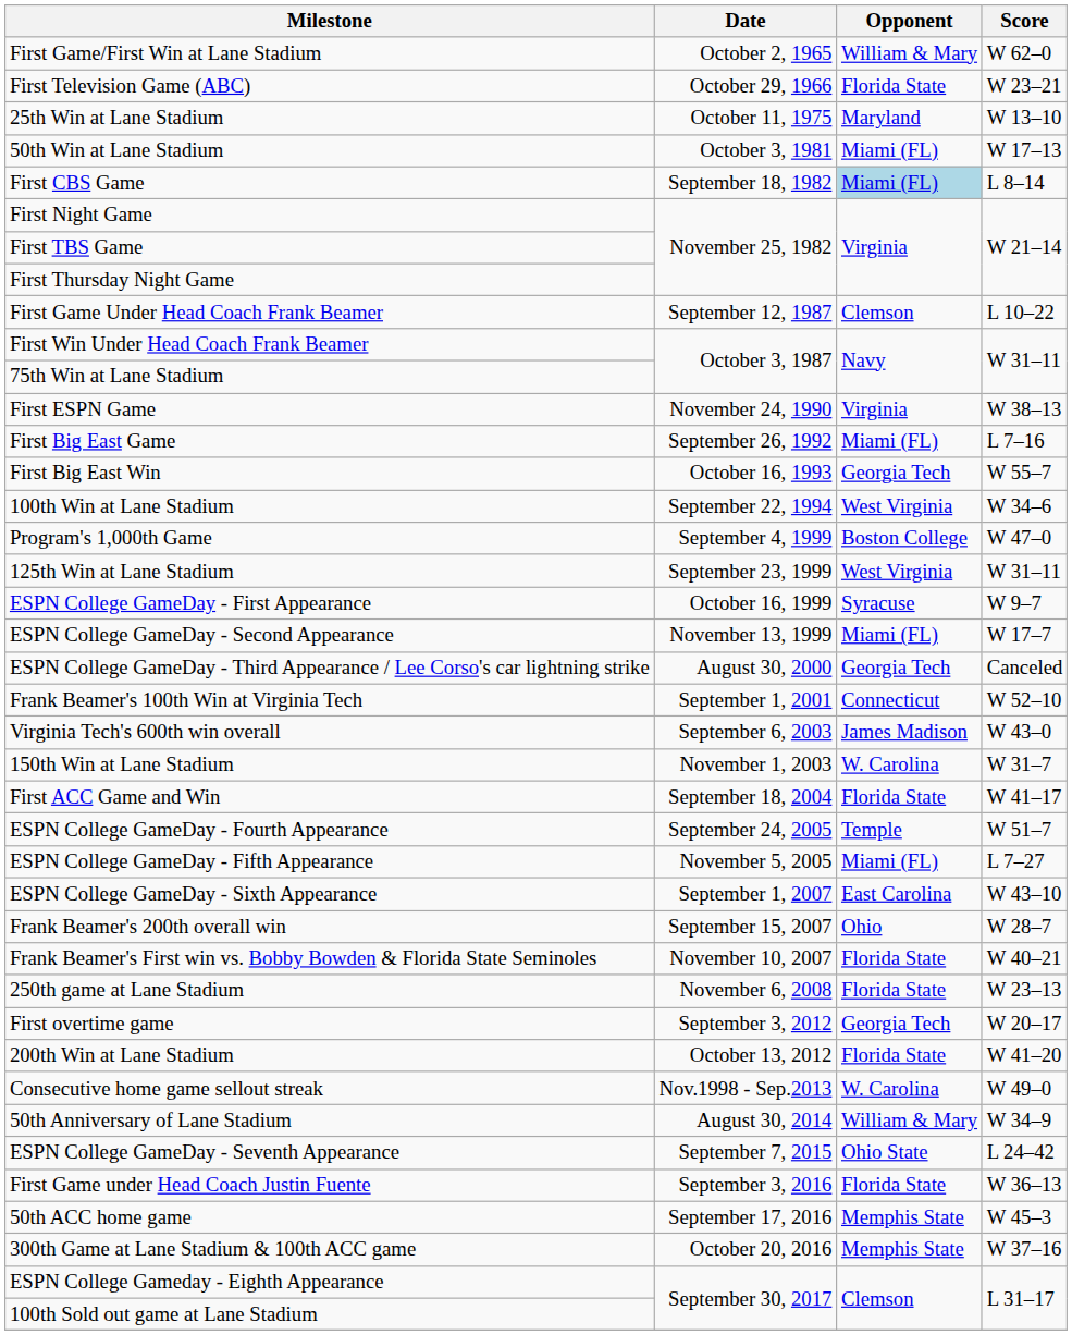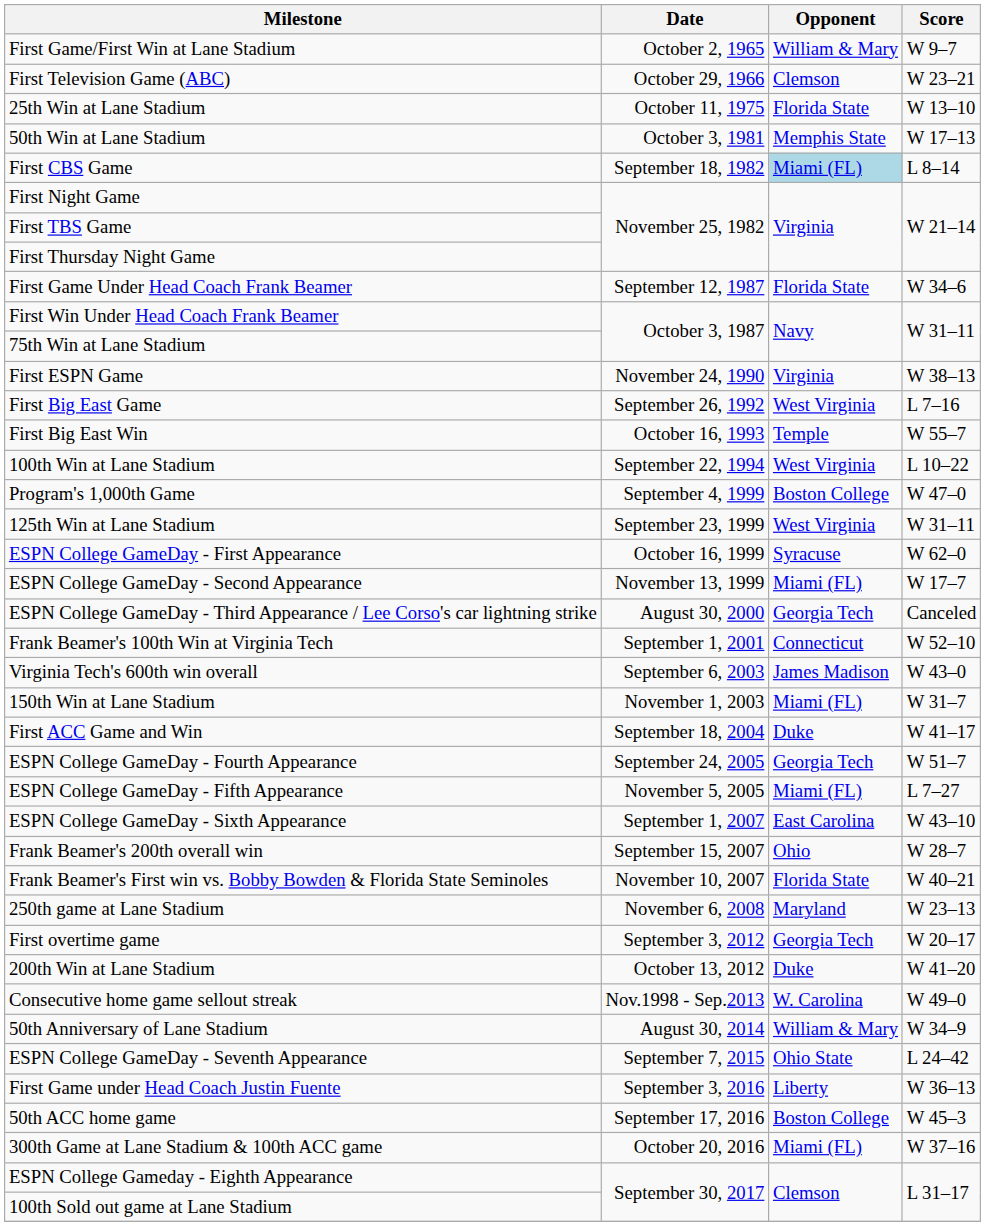 <table class="wikitable">
 <tr>
 <th>Milestone</th>
 <th>Date</th>
 <th>Opponent</th>
 <th>Score</th>
 </tr>
 <tr>
 <td>First Game/First Win at Lane Stadium</td>
 <td align=right>October 2, <a href='#'>1965</a></td>
 <td><a href='#'>William & Mary</a></td>
-<td>W 62–0</td>
+<td>W 9–7</td>
 </tr>
 <tr>
 <td>First Television Game (<a href='#'>ABC</a>)</td>
 <td align=right>October 29, <a href='#'>1966</a></td>
-<td><a href='#'>Florida State</a></td>
+<td><a href='#'>Clemson</a></td>
 <td>W 23–21</td>
 </tr>
 <tr>
 <td>25th Win at Lane Stadium</td>
 <td align=right>October 11, <a href='#'>1975</a></td>
-<td><a href='#'>Maryland</a></td>
+<td><a href='#'>Florida State</a></td>
 <td>W 13–10</td>
 </tr>
 <tr>
 <td>50th Win at Lane Stadium</td>
 <td align=right>October 3, <a href='#'>1981</a></td>
-<td><a href='#'>Miami (FL)</a></td>
+<td><a href='#'>Memphis State</a></td>
 <td>W 17–13</td>
 </tr>
 <tr>
 <td>First <a href='#'>CBS</a> Game</td>
 <td align=right>September 18, <a href='#'>1982</a></td>
 <td style="background: lightblue;"><a href='#'>Miami (FL)</a></td>
 <td>L 8–14</td>
 </tr>
 <tr>
 <td>First Night Game</td>
 <td rowspan=3 align=right>November 25, 1982</td>
 <td rowspan=3><a href='#'>Virginia</a></td>
 <td rowspan=3>W 21–14</td>
 </tr>
 <tr>
 <td>First <a href='#'>TBS</a> Game</td>
 </tr>
 <tr>
 <td>First Thursday Night Game</td>
 </tr>
 <tr>
 <td>First Game Under <a href='#'>Head Coach Frank Beamer</a></td>
 <td align=right>September 12, <a href='#'>1987</a></td>
-<td><a href='#'>Clemson</a></td>
-<td>L 10–22</td>
+<td><a href='#'>Florida State</a></td>
+<td>W 34–6</td>
 </tr>
 <tr>
 <td>First Win Under <a href='#'>Head Coach Frank Beamer</a></td>
 <td rowspan=2 align=right>October 3, 1987</td>
 <td rowspan=2><a href='#'>Navy</a></td>
 <td rowspan=2>W 31–11</td>
 </tr>
 <tr>
 <td>75th Win at Lane Stadium</td>
 </tr>
 <tr>
 <td>First ESPN Game</td>
 <td align=right>November 24, <a href='#'>1990</a></td>
 <td><a href='#'>Virginia</a></td>
 <td>W 38–13</td>
 </tr>
 <tr>
 <td>First <a href='#'>Big East</a> Game</td>
 <td align=right>September 26, <a href='#'>1992</a></td>
-<td><a href='#'>Miami (FL)</a></td>
+<td><a href='#'>West Virginia</a></td>
 <td>L 7–16</td>
 </tr>
 <tr>
 <td>First Big East Win</td>
 <td align=right>October 16, <a href='#'>1993</a></td>
-<td><a href='#'>Georgia Tech</a></td>
+<td><a href='#'>Temple</a></td>
 <td>W 55–7</td>
 </tr>
 <tr>
 <td>100th Win at Lane Stadium</td>
 <td align=right>September 22, <a href='#'>1994</a></td>
 <td><a href='#'>West Virginia</a></td>
-<td>W 34–6</td>
+<td>L 10–22</td>
 </tr>
 <tr>
 <td>Program's 1,000th Game</td>
 <td align=right>September 4, <a href='#'>1999</a></td>
 <td><a href='#'>Boston College</a></td>
 <td>W 47–0</td>
 </tr>
 <tr>
 <td>125th Win at Lane Stadium</td>
 <td align=right>September 23, 1999</td>
 <td><a href='#'>West Virginia</a></td>
 <td>W 31–11</td>
 </tr>
 <tr>
 <td><a href='#'>ESPN College GameDay</a> - First Appearance</td>
 <td align=right>October 16, 1999</td>
 <td><a href='#'>Syracuse</a></td>
-<td>W 9–7</td>
+<td>W 62–0</td>
 </tr>
 <tr>
 <td>ESPN College GameDay - Second Appearance</td>
 <td align=right>November 13, 1999</td>
 <td><a href='#'>Miami (FL)</a></td>
 <td>W 17–7</td>
 </tr>
 <tr>
 <td>ESPN College GameDay - Third Appearance / <a href='#'>Lee Corso</a>'s car lightning strike</td>
 <td align=right>August 30, <a href='#'>2000</a></td>
 <td><a href='#'>Georgia Tech</a></td>
 <td>Canceled</td>
 </tr>
 <tr>
 <td>Frank Beamer's 100th Win at Virginia Tech</td>
 <td align=right>September 1, <a href='#'>2001</a></td>
 <td><a href='#'>Connecticut</a></td>
 <td>W 52–10</td>
 </tr>
 <tr>
 <td>Virginia Tech's 600th win overall</td>
 <td align=right>September 6, <a href='#'>2003</a></td>
 <td><a href='#'>James Madison</a></td>
 <td>W 43–0</td>
 </tr>
 <tr>
 <td>150th Win at Lane Stadium</td>
 <td align=right>November 1, 2003</td>
-<td><a href='#'>W. Carolina</a></td>
+<td><a href='#'>Miami (FL)</a></td>
 <td>W 31–7</td>
 </tr>
 <tr>
 <td>First <a href='#'>ACC</a> Game and Win</td>
 <td align=right>September 18, <a href='#'>2004</a></td>
-<td><a href='#'>Florida State</a></td>
+<td><a href='#'>Duke</a></td>
 <td>W 41–17</td>
 </tr>
 <tr>
 <td>ESPN College GameDay - Fourth Appearance</td>
 <td align=right>September 24, <a href='#'>2005</a></td>
-<td><a href='#'>Temple</a></td>
+<td><a href='#'>Georgia Tech</a></td>
 <td>W 51–7</td>
 </tr>
 <tr>
 <td>ESPN College GameDay - Fifth Appearance</td>
 <td align=right>November 5, 2005</td>
 <td><a href='#'>Miami (FL)</a></td>
 <td>L 7–27</td>
 </tr>
 <tr>
 <td>ESPN College GameDay - Sixth Appearance</td>
 <td align=right>September 1, <a href='#'>2007</a></td>
 <td><a href='#'>East Carolina</a></td>
 <td>W 43–10</td>
 </tr>
 <tr>
 <td>Frank Beamer's 200th overall win</td>
 <td align=right>September 15, 2007</td>
 <td><a href='#'>Ohio</a></td>
 <td>W 28–7</td>
 </tr>
 <tr>
 <td>Frank Beamer's First win vs. <a href='#'>Bobby Bowden</a> & Florida State Seminoles</td>
 <td align=right>November 10, 2007</td>
 <td><a href='#'>Florida State</a></td>
 <td>W 40–21</td>
 </tr>
 <tr>
 <td>250th game at Lane Stadium</td>
 <td align=right>November 6, <a href='#'>2008</a></td>
-<td><a href='#'>Florida State</a></td>
+<td><a href='#'>Maryland</a></td>
 <td>W 23–13</td>
 </tr>
 <tr>
 <td>First overtime game</td>
 <td align=right>September 3, <a href='#'>2012</a></td>
 <td><a href='#'>Georgia Tech</a></td>
 <td>W 20–17</td>
 </tr>
 <tr>
 <td>200th Win at Lane Stadium</td>
 <td align=right>October 13, 2012</td>
-<td><a href='#'>Florida State</a></td>
+<td><a href='#'>Duke</a></td>
 <td>W 41–20</td>
 </tr>
 <tr>
 <td>Consecutive home game sellout streak</td>
 <td align=right>Nov.1998 - Sep.<a href='#'>2013</a></td>
 <td><a href='#'>W. Carolina</a></td>
 <td>W 49–0</td>
 </tr>
 <tr>
 <td>50th Anniversary of Lane Stadium</td>
 <td align=right>August 30, <a href='#'>2014</a></td>
 <td><a href='#'>William & Mary</a></td>
 <td>W 34–9</td>
 </tr>
 <tr>
 <td>ESPN College GameDay - Seventh Appearance</td>
 <td align=right>September 7, <a href='#'>2015</a></td>
 <td><a href='#'>Ohio State</a></td>
 <td>L 24–42</td>
 </tr>
 <tr>
 <td>First Game under <a href='#'>Head Coach Justin Fuente</a></td>
 <td align=right>September 3, <a href='#'>2016</a></td>
-<td><a href='#'>Florida State</a></td>
+<td><a href='#'>Liberty</a></td>
 <td>W 36–13</td>
 </tr>
 <tr>
 <td>50th ACC home game</td>
 <td align=right>September 17, 2016</td>
-<td><a href='#'>Memphis State</a></td>
+<td><a href='#'>Boston College</a></td>
 <td>W 45–3</td>
 </tr>
 <tr>
 <td>300th Game at Lane Stadium & 100th ACC game</td>
 <td align=right>October 20, 2016</td>
-<td><a href='#'>Memphis State</a></td>
+<td><a href='#'>Miami (FL)</a></td>
 <td>W 37–16</td>
 </tr>
 <tr>
 <td>ESPN College Gameday - Eighth Appearance</td>
 <td rowspan=2 align=right>September 30, <a href='#'>2017</a></td>
 <td rowspan=2><a href='#'>Clemson</a></td>
 <td rowspan=2>L 31–17</td>
 </tr>
 <tr>
 <td>100th Sold out game at Lane Stadium</td>
 </tr>
 <tr>
 </tr>
 </table>
